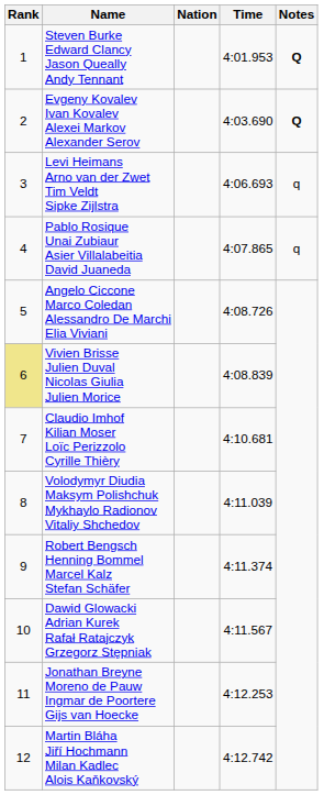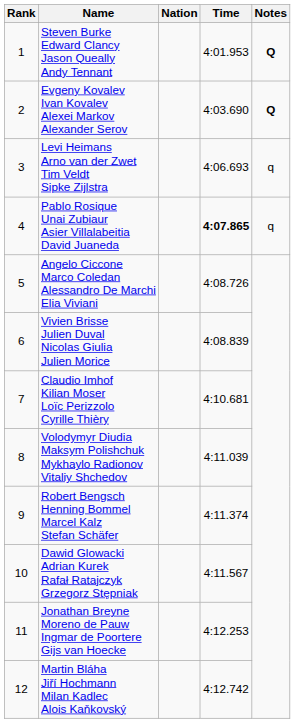 <table class="wikitable sortable" style="text-align:center">
 <tr>
 <th>Rank</th>
 <th>Name</th>
 <th>Nation</th>
 <th>Time</th>
 <th>Notes</th>
 </tr>
 <tr>
 <td>1</td>
 <td align=left><a href='#'>Steven Burke</a><br><a href='#'>Edward Clancy</a><br> <a href='#'>Jason Queally</a><br> <a href='#'>Andy Tennant</a></td>
 <td align=left></td>
 <td>4:01.953</td>
 <td><strong>Q</strong></td>
 </tr>
 <tr>
 <td>2</td>
 <td align=left><a href='#'>Evgeny Kovalev</a><br><a href='#'>Ivan Kovalev</a><br><a href='#'>Alexei Markov</a><br> <a href='#'>Alexander Serov</a></td>
 <td align=left></td>
 <td>4:03.690</td>
 <td><strong>Q</strong></td>
 </tr>
 <tr>
 <td>3</td>
 <td align=left><a href='#'>Levi Heimans</a><br><a href='#'>Arno van der Zwet</a><br><a href='#'>Tim Veldt</a><br> <a href='#'>Sipke Zijlstra</a></td>
 <td align=left></td>
 <td>4:06.693</td>
 <td>q</td>
 </tr>
 <tr>
 <td>4</td>
 <td align=left><a href='#'>Pablo Rosique</a><br><a href='#'>Unai Zubiaur</a><br><a href='#'>Asier Villalabeitia</a><br> <a href='#'>David Juaneda</a></td>
 <td align=left></td>
-<td>4:07.865</td>
+<td><strong>4:07.865</strong></td>
 <td>q</td>
 </tr>
 <tr>
 <td>5</td>
 <td align=left><a href='#'>Angelo Ciccone</a><br><a href='#'>Marco Coledan</a><br><a href='#'>Alessandro De Marchi</a><br> <a href='#'>Elia Viviani</a></td>
 <td align=left></td>
 <td>4:08.726</td>
 </tr>
 <tr>
-<td style="background: khaki;">6</td>
+<td>6</td>
 <td align=left><a href='#'>Vivien Brisse</a><br><a href='#'>Julien Duval</a><br><a href='#'>Nicolas Giulia</a><br> <a href='#'>Julien Morice</a></td>
 <td align=left></td>
 <td>4:08.839</td>
 </tr>
 <tr>
 <td>7</td>
 <td align=left><a href='#'>Claudio Imhof</a><br><a href='#'>Kilian Moser</a><br><a href='#'>Loïc Perizzolo</a><br> <a href='#'>Cyrille Thièry</a></td>
 <td align=left></td>
 <td>4:10.681</td>
 </tr>
 <tr>
 <td>8</td>
 <td align=left><a href='#'>Volodymyr Diudia</a><br><a href='#'>Maksym Polishchuk</a><br><a href='#'>Mykhaylo Radionov</a><br> <a href='#'>Vitaliy Shchedov</a></td>
 <td align=left></td>
 <td>4:11.039</td>
 </tr>
 <tr>
 <td>9</td>
 <td align=left><a href='#'>Robert Bengsch</a><br><a href='#'>Henning Bommel</a><br><a href='#'>Marcel Kalz</a><br> <a href='#'>Stefan Schäfer</a></td>
 <td align=left></td>
 <td>4:11.374</td>
 </tr>
 <tr>
 <td>10</td>
 <td align=left><a href='#'>Dawid Glowacki</a> <br><a href='#'>Adrian Kurek</a><br><a href='#'>Rafał Ratajczyk</a><br> <a href='#'>Grzegorz Stępniak</a></td>
 <td align=left></td>
 <td>4:11.567</td>
 </tr>
 <tr>
 <td>11</td>
 <td align=left><a href='#'>Jonathan Breyne</a><br><a href='#'>Moreno de Pauw</a><br><a href='#'>Ingmar de Poortere</a> <br><a href='#'>Gijs van Hoecke</a></td>
 <td align=left></td>
 <td>4:12.253</td>
 </tr>
 <tr>
 <td>12</td>
 <td align=left><a href='#'>Martin Bláha</a><br><a href='#'>Jiří Hochmann</a><br><a href='#'>Milan Kadlec</a><br><a href='#'>Alois Kaňkovský</a></td>
 <td align=left></td>
 <td>4:12.742</td>
 </tr>
 </table>
